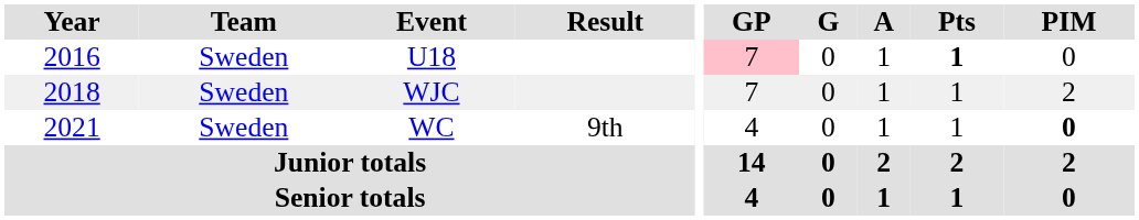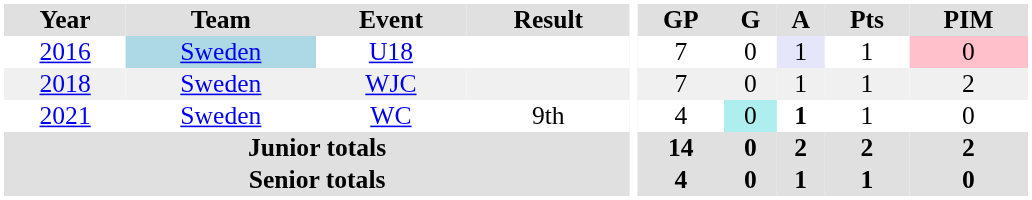 <table border="0" cellpadding="1" cellspacing="0" ID="Table3" style="text-align:center; width:40em">
 <tr ALIGN="center" bgcolor="#e0e0e0">
 <th>Year</th>
 <th>Team</th>
 <th>Event</th>
 <th>Result</th>
 <th rowspan="99" bgcolor="#ffffff"></th>
 <th>GP</th>
 <th>G</th>
 <th>A</th>
 <th>Pts</th>
 <th>PIM</th>
 </tr>
 <tr>
 <td><a href='#'>2016</a></td>
-<td><a href='#'>Sweden</a></td>
+<td style="background: lightblue;"><a href='#'>Sweden</a></td>
 <td><a href='#'>U18</a></td>
 <td></td>
-<td style="background: pink;">7</td>
+<td>7</td>
 <td>0</td>
+<td style="background: lavender;">1</td>
 <td>1</td>
-<td><strong>1</strong></td>
-<td>0</td>
+<td style="background: pink;">0</td>
 </tr>
 <tr bgcolor="#f0f0f0">
 <td><a href='#'>2018</a></td>
 <td><a href='#'>Sweden</a></td>
 <td><a href='#'>WJC</a></td>
 <td></td>
 <td>7</td>
 <td>0</td>
 <td>1</td>
 <td>1</td>
 <td>2</td>
 </tr>
 <tr>
 <td><a href='#'>2021</a></td>
 <td><a href='#'>Sweden</a></td>
 <td><a href='#'>WC</a></td>
 <td>9th</td>
 <td>4</td>
+<td style="background: paleturquoise;">0</td>
+<td><strong>1</strong></td>
+<td>1</td>
 <td>0</td>
-<td>1</td>
-<td>1</td>
-<td><strong>0</strong></td>
 </tr>
 <tr bgcolor="#e0e0e0">
 <th colspan="4">Junior totals</th>
 <th>14</th>
 <th>0</th>
 <th>2</th>
 <th>2</th>
 <th>2</th>
 </tr>
 <tr bgcolor="#e0e0e0">
 <th colspan="4">Senior totals</th>
 <th>4</th>
 <th>0</th>
 <th>1</th>
 <th>1</th>
 <th>0</th>
 </tr>
 </table>
